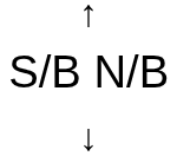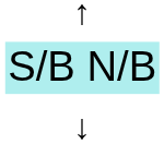 <table style="text-align:center;">
 <tr>
 <td><small> ↑  </small></td>
 </tr>
 <tr>
-<td><span>S/B</span>   <span>N/B</span></td>
+<td style="background: paleturquoise;"><span>S/B</span>   <span>N/B</span></td>
 </tr>
 <tr>
 <td><small>  ↓ </small></td>
 </tr>
 </table>
